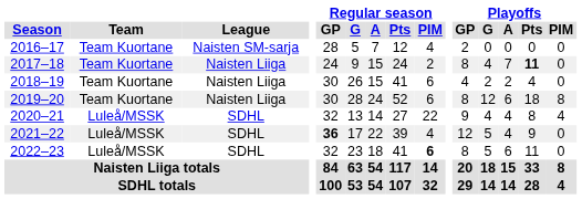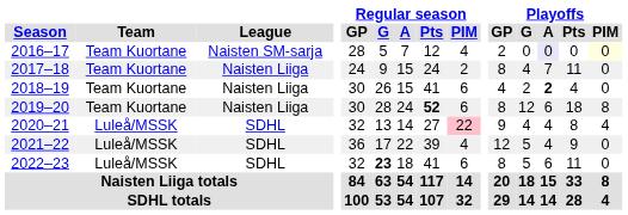 <table border="0" cellpadding="1" cellspacing="0" width="75%" style="text-align:center">
 <tr>
 <th colspan="3" bgcolor="#ffffff"> </th>
 <th rowspan="99" bgcolor="#ffffff"> </th>
 <th colspan="5"><a href='#'>Regular season</a></th>
 <th rowspan="99" bgcolor="#ffffff"> </th>
 <th colspan="5"><a href='#'>Playoffs</a></th>
 </tr>
 <tr bgcolor="#e0e0e0">
 <th><a href='#'>Season</a></th>
 <th>Team</th>
 <th>League</th>
 <th>GP</th>
 <th><a href='#'>G</a></th>
 <th><a href='#'>A</a></th>
 <th><a href='#'>Pts</a></th>
 <th><a href='#'>PIM</a></th>
 <th>GP</th>
 <th>G</th>
 <th>A</th>
 <th>Pts</th>
 <th>PIM</th>
 </tr>
 <tr>
 <td><a href='#'>2016–17</a></td>
 <td><a href='#'>Team Kuortane</a></td>
 <td><a href='#'>Naisten SM-sarja</a></td>
 <td>28</td>
 <td>5</td>
 <td>7</td>
 <td>12</td>
 <td>4</td>
 <td>2</td>
 <td>0</td>
+<td style="background: lavender;">0</td>
 <td>0</td>
-<td>0</td>
-<td>0</td>
+<td style="background: lightyellow;">0</td>
 </tr>
 <tr bgcolor="#f0f0f0">
 <td><a href='#'>2017–18</a></td>
 <td><a href='#'>Team Kuortane</a></td>
 <td><a href='#'>Naisten Liiga</a></td>
 <td>24</td>
 <td>9</td>
 <td>15</td>
 <td>24</td>
 <td>2</td>
 <td>8</td>
 <td>4</td>
 <td>7</td>
-<td><strong>11</strong></td>
+<td>11</td>
 <td>0</td>
 </tr>
 <tr>
 <td><a href='#'>2018–19</a></td>
 <td>Team Kuortane</td>
 <td>Naisten Liiga</td>
 <td>30</td>
 <td>26</td>
 <td>15</td>
 <td>41</td>
 <td>6</td>
 <td>4</td>
 <td>2</td>
-<td>2</td>
+<td><strong>2</strong></td>
 <td>4</td>
 <td>0</td>
 </tr>
 <tr bgcolor="#f0f0f0">
 <td><a href='#'>2019–20</a></td>
 <td>Team Kuortane</td>
 <td>Naisten Liiga</td>
 <td>30</td>
 <td>28</td>
 <td>24</td>
-<td>52</td>
+<td><strong>52</strong></td>
 <td>6</td>
 <td>8</td>
 <td>12</td>
 <td>6</td>
 <td>18</td>
 <td>8</td>
 </tr>
 <tr>
 <td><a href='#'>2020–21</a></td>
 <td><a href='#'>Luleå/MSSK</a></td>
 <td><a href='#'>SDHL</a></td>
 <td>32</td>
 <td>13</td>
 <td>14</td>
 <td>27</td>
-<td>22</td>
+<td style="background: pink;">22</td>
 <td>9</td>
 <td>4</td>
 <td>4</td>
 <td>8</td>
 <td>4</td>
 </tr>
 <tr bgcolor="#f0f0f0">
 <td><a href='#'>2021–22</a></td>
 <td>Luleå/MSSK</td>
 <td>SDHL</td>
-<td><strong>36</strong></td>
+<td>36</td>
 <td>17</td>
 <td>22</td>
 <td>39</td>
 <td>4</td>
 <td>12</td>
 <td>5</td>
 <td>4</td>
 <td>9</td>
 <td>0</td>
 </tr>
 <tr>
 <td><a href='#'>2022–23</a></td>
 <td>Luleå/MSSK</td>
 <td>SDHL</td>
 <td>32</td>
-<td>23</td>
+<td><strong>23</strong></td>
 <td>18</td>
 <td>41</td>
-<td><strong>6</strong></td>
+<td>6</td>
 <td>8</td>
 <td>5</td>
 <td>6</td>
 <td>11</td>
 <td>0</td>
 </tr>
 <tr bgcolor="#e0e0e0">
 <th colspan="3">Naisten Liiga totals</th>
 <th>84</th>
 <th>63</th>
 <th>54</th>
 <th>117</th>
 <th>14</th>
 <th>20</th>
 <th>18</th>
 <th>15</th>
 <th>33</th>
 <th>8</th>
 </tr>
 <tr bgcolor="#e0e0e0">
 <th colspan="3">SDHL totals</th>
 <th>100</th>
 <th>53</th>
 <th>54</th>
 <th>107</th>
 <th>32</th>
 <th>29</th>
 <th>14</th>
 <th>14</th>
 <th>28</th>
 <th>4</th>
 </tr>
 </table>
